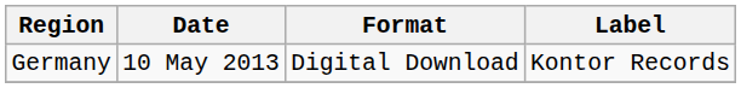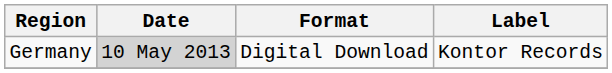 <table class=wikitable>
 <tr>
 <th>Region</th>
 <th>Date</th>
 <th>Format</th>
 <th>Label</th>
 </tr>
 <tr>
 <td>Germany</td>
-<td>10 May 2013</td>
+<td style="background: lightgrey;">10 May 2013</td>
 <td>Digital Download</td>
 <td>Kontor Records</td>
 </tr>
 <tr>
 </tr>
 </table>
